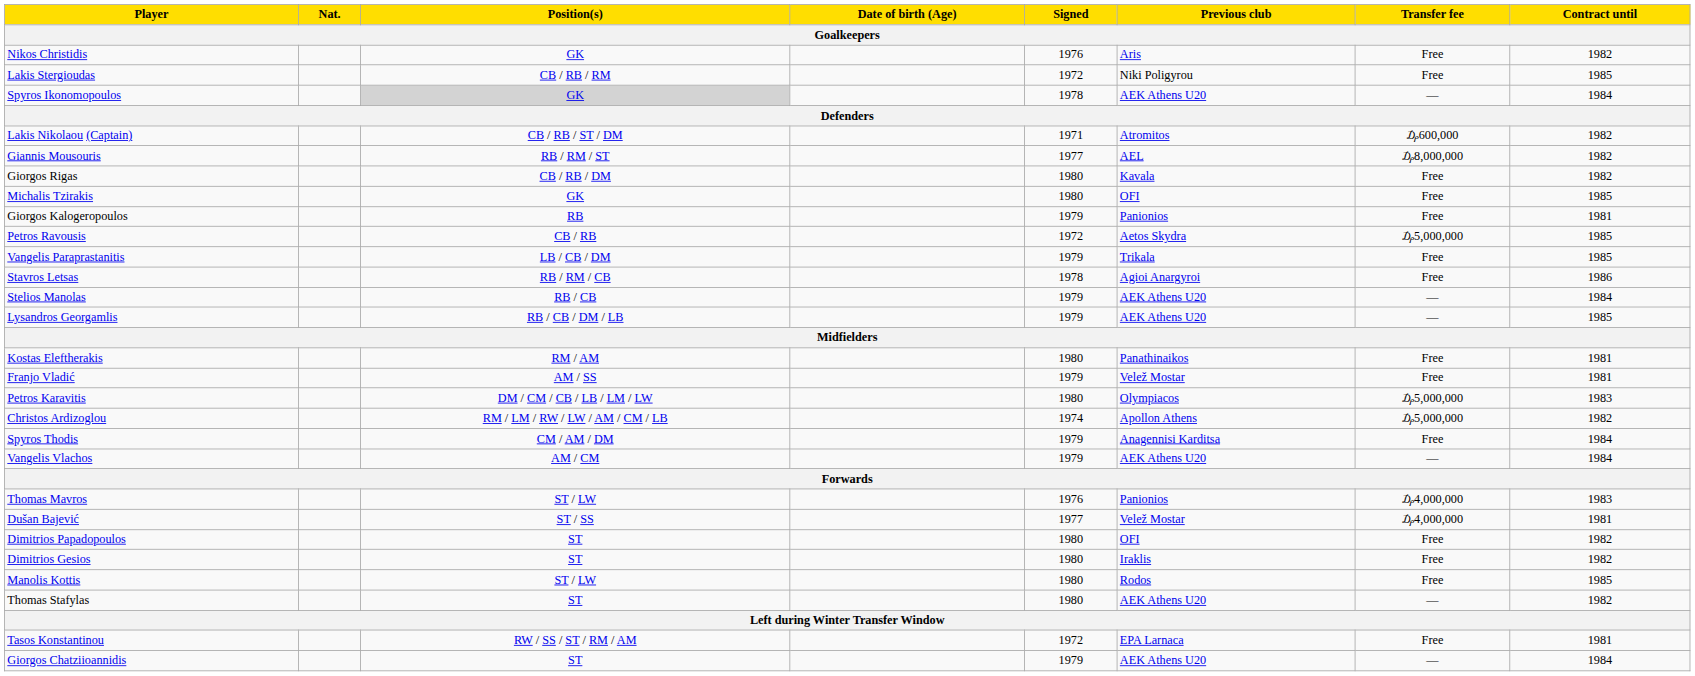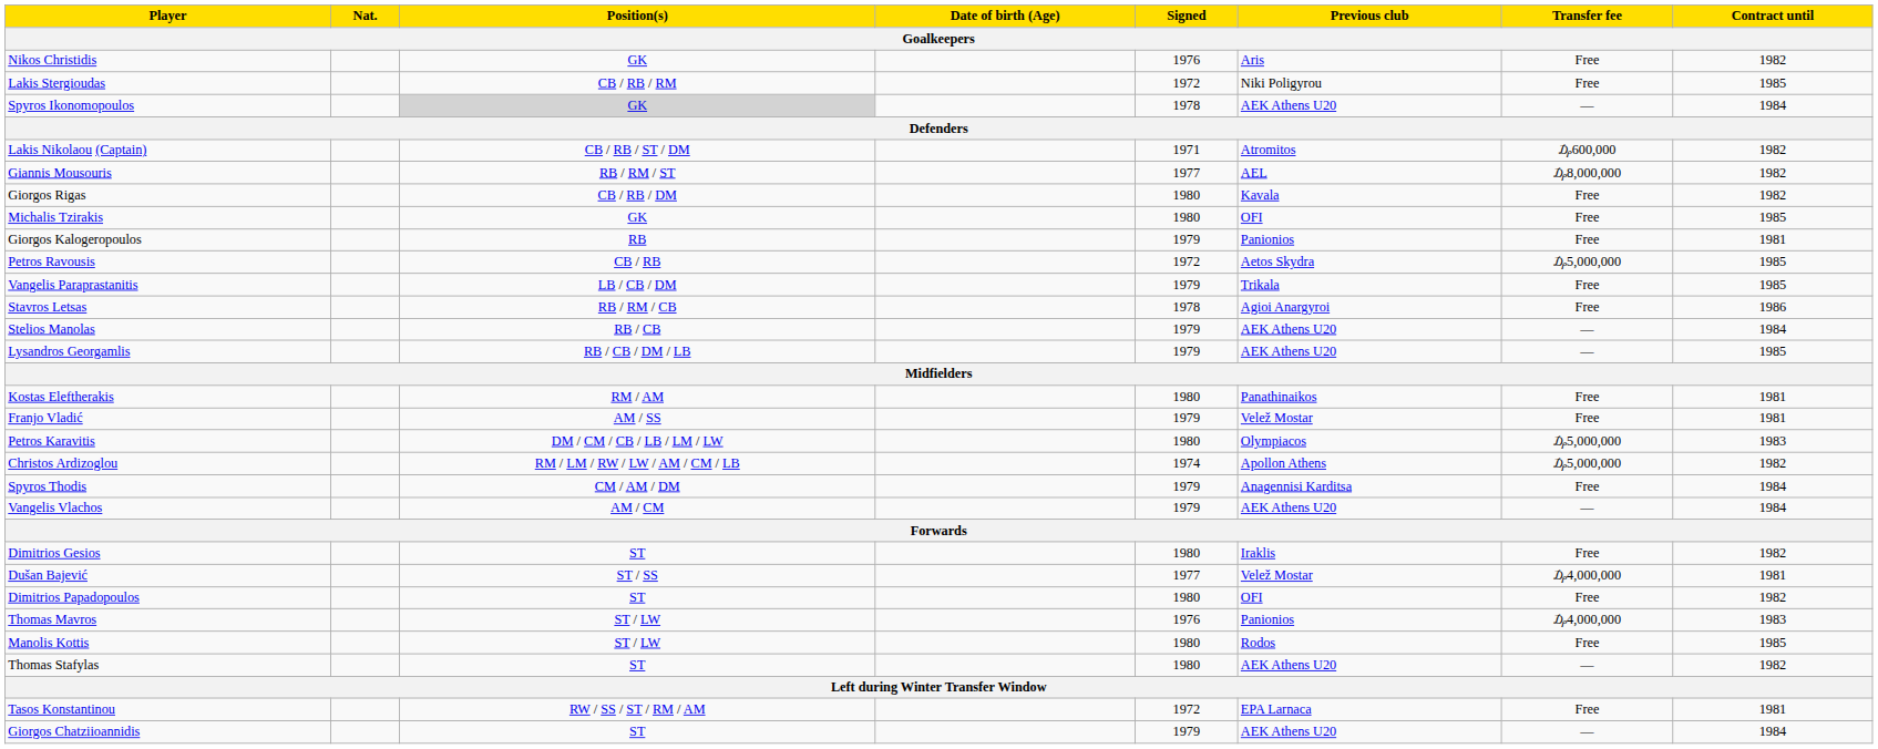 <table class="wikitable" style="text-align:center; font-size:90%;width:100%;">
 <tr>
 <th style="background:#FFDE00">Player</th>
 <th style="background:#FFDE00">Nat.</th>
 <th style="background:#FFDE00">Position(s)</th>
 <th style="background:#FFDE00">Date of birth (Age)</th>
 <th style="background:#FFDE00">Signed</th>
 <th style="background:#FFDE00">Previous club</th>
 <th style="background:#FFDE00">Transfer fee</th>
 <th style="background:#FFDE00">Contract until</th>
 </tr>
 <tr>
 <th colspan="8">Goalkeepers</th>
 </tr>
 <tr>
 <td align=left><a href='#'>Nikos Christidis</a></td>
 <td></td>
 <td><a href='#'>GK</a></td>
 <td></td>
 <td>1976</td>
 <td align=left> <a href='#'>Aris</a></td>
 <td>Free</td>
 <td>1982</td>
 </tr>
 <tr>
 <td align=left><a href='#'>Lakis Stergioudas</a></td>
 <td></td>
 <td><a href='#'>CB</a> / <a href='#'>RB</a> / <a href='#'>RM</a></td>
 <td></td>
 <td>1972</td>
 <td align=left> Niki Poligyrou</td>
 <td>Free</td>
 <td>1985</td>
 </tr>
 <tr>
 <td align=left><a href='#'>Spyros Ikonomopoulos</a></td>
 <td></td>
 <td style="background: lightgrey;"><a href='#'>GK</a></td>
 <td></td>
 <td>1978</td>
 <td align=left> <a href='#'>AEK Athens U20</a></td>
 <td>—</td>
 <td>1984</td>
 </tr>
 <tr>
 <th colspan="8">Defenders</th>
 </tr>
 <tr>
 <td align=left><a href='#'>Lakis Nikolaou</a> <a href='#'>(Captain)</a></td>
 <td></td>
 <td><a href='#'>CB</a> / <a href='#'>RB</a> / <a href='#'>ST</a> / <a href='#'>DM</a></td>
 <td></td>
 <td>1971</td>
 <td align=left> <a href='#'>Atromitos</a></td>
 <td>₯600,000</td>
 <td>1982</td>
 </tr>
 <tr>
 <td align=left><a href='#'>Giannis Mousouris</a></td>
 <td></td>
 <td><a href='#'>RB</a> / <a href='#'>RM</a> / <a href='#'>ST</a></td>
 <td></td>
 <td>1977</td>
 <td align=left> <a href='#'>AEL</a></td>
 <td>₯8,000,000</td>
 <td>1982</td>
 </tr>
 <tr>
 <td align=left>Giorgos Rigas</td>
 <td></td>
 <td><a href='#'>CB</a> / <a href='#'>RB</a> / <a href='#'>DM</a></td>
 <td></td>
 <td>1980</td>
 <td align=left> <a href='#'>Kavala</a></td>
 <td>Free</td>
 <td>1982</td>
 </tr>
 <tr>
 <td align=left><a href='#'>Michalis Tzirakis</a></td>
 <td></td>
 <td><a href='#'>GK</a></td>
 <td></td>
 <td>1980</td>
 <td align=left> <a href='#'>OFI</a></td>
 <td>Free</td>
 <td>1985</td>
 </tr>
 <tr>
 <td align=left>Giorgos Kalogeropoulos</td>
 <td></td>
 <td><a href='#'>RB</a></td>
 <td></td>
 <td>1979</td>
 <td align=left> <a href='#'>Panionios</a></td>
 <td>Free</td>
 <td>1981</td>
 </tr>
 <tr>
 <td align=left><a href='#'>Petros Ravousis</a></td>
 <td></td>
 <td><a href='#'>CB</a> / <a href='#'>RB</a></td>
 <td></td>
 <td>1972</td>
 <td align=left> <a href='#'>Aetos Skydra</a></td>
 <td>₯5,000,000</td>
 <td>1985</td>
 </tr>
 <tr>
 <td align=left><a href='#'>Vangelis Paraprastanitis</a></td>
 <td></td>
 <td><a href='#'>LB</a> / <a href='#'>CB</a> / <a href='#'>DM</a></td>
 <td></td>
 <td>1979</td>
 <td align=left> <a href='#'>Trikala</a></td>
 <td>Free</td>
 <td>1985</td>
 </tr>
 <tr>
 <td align=left><a href='#'>Stavros Letsas</a></td>
 <td></td>
 <td><a href='#'>RB</a> / <a href='#'>RM</a> / <a href='#'>CB</a></td>
 <td></td>
 <td>1978</td>
 <td align=left> <a href='#'>Agioi Anargyroi</a></td>
 <td>Free</td>
 <td>1986</td>
 </tr>
 <tr>
 <td align=left><a href='#'>Stelios Manolas</a></td>
 <td></td>
 <td><a href='#'>RB</a> / <a href='#'>CB</a></td>
 <td></td>
 <td>1979</td>
 <td align=left> <a href='#'>AEK Athens U20</a></td>
 <td>—</td>
 <td>1984</td>
 </tr>
 <tr>
 <td align=left><a href='#'>Lysandros Georgamlis</a></td>
 <td></td>
 <td><a href='#'>RB</a> / <a href='#'>CB</a> / <a href='#'>DM</a> / <a href='#'>LB</a></td>
 <td></td>
 <td>1979</td>
 <td align=left> <a href='#'>AEK Athens U20</a></td>
 <td>—</td>
 <td>1985</td>
 </tr>
 <tr>
 <th colspan="8">Midfielders</th>
 </tr>
 <tr>
 <td align=left><a href='#'>Kostas Eleftherakis</a></td>
 <td></td>
 <td><a href='#'>RM</a> / <a href='#'>AM</a></td>
 <td></td>
 <td>1980</td>
 <td align=left> <a href='#'>Panathinaikos</a></td>
 <td>Free</td>
 <td>1981</td>
 </tr>
 <tr>
 <td align=left><a href='#'>Franjo Vladić</a></td>
 <td></td>
 <td><a href='#'>AM</a> / <a href='#'>SS</a></td>
 <td></td>
 <td>1979</td>
 <td align=left> <a href='#'>Velež Mostar</a></td>
 <td>Free</td>
 <td>1981</td>
 </tr>
 <tr>
 <td align=left><a href='#'>Petros Karavitis</a></td>
 <td></td>
 <td><a href='#'>DM</a> / <a href='#'>CM</a> / <a href='#'>CB</a> / <a href='#'>LB</a> / <a href='#'>LM</a> / <a href='#'>LW</a></td>
 <td></td>
 <td>1980</td>
 <td align=left> <a href='#'>Olympiacos</a></td>
 <td>₯5,000,000</td>
 <td>1983</td>
 </tr>
 <tr>
 <td align=left><a href='#'>Christos Ardizoglou</a></td>
 <td></td>
 <td><a href='#'>RM</a> / <a href='#'>LM</a> / <a href='#'>RW</a> / <a href='#'>LW</a>  / <a href='#'>AM</a> / <a href='#'>CM</a> / <a href='#'>LB</a></td>
 <td></td>
 <td>1974</td>
 <td align=left> <a href='#'>Apollon Athens</a></td>
 <td>₯5,000,000</td>
 <td>1982</td>
 </tr>
 <tr>
 <td align=left><a href='#'>Spyros Thodis</a></td>
 <td></td>
 <td><a href='#'>CM</a> / <a href='#'>AM</a> / <a href='#'>DM</a></td>
 <td></td>
 <td>1979</td>
 <td align=left> <a href='#'>Anagennisi Karditsa</a></td>
 <td>Free</td>
 <td>1984</td>
 </tr>
 <tr>
 <td align=left><a href='#'>Vangelis Vlachos</a></td>
 <td></td>
 <td><a href='#'>AM</a> / <a href='#'>CM</a></td>
 <td></td>
 <td>1979</td>
 <td align=left> <a href='#'>AEK Athens U20</a></td>
 <td>—</td>
 <td>1984</td>
 </tr>
 <tr>
 <th colspan="8">Forwards</th>
 </tr>
 <tr>
-<td align=left><a href='#'>Thomas Mavros</a></td>
+<td align=left><a href='#'>Dimitrios Gesios</a></td>
 <td></td>
-<td><a href='#'>ST</a> / <a href='#'>LW</a></td>
+<td><a href='#'>ST</a></td>
 <td></td>
-<td>1976</td>
-<td align=left> <a href='#'>Panionios</a></td>
-<td>₯4,000,000</td>
-<td>1983</td>
+<td>1980</td>
+<td align=left> <a href='#'>Iraklis</a></td>
+<td>Free</td>
+<td>1982</td>
 </tr>
 <tr>
 <td align=left><a href='#'>Dušan Bajević</a></td>
 <td></td>
 <td><a href='#'>ST</a> / <a href='#'>SS</a></td>
 <td></td>
 <td>1977</td>
 <td align=left> <a href='#'>Velež Mostar</a></td>
 <td>₯4,000,000</td>
 <td>1981</td>
 </tr>
 <tr>
 <td align=left><a href='#'>Dimitrios Papadopoulos</a></td>
 <td></td>
 <td><a href='#'>ST</a></td>
 <td></td>
 <td>1980</td>
 <td align=left> <a href='#'>OFI</a></td>
 <td>Free</td>
 <td>1982</td>
 </tr>
 <tr>
-<td align=left><a href='#'>Dimitrios Gesios</a></td>
+<td align=left><a href='#'>Thomas Mavros</a></td>
 <td></td>
-<td><a href='#'>ST</a></td>
+<td><a href='#'>ST</a> / <a href='#'>LW</a></td>
 <td></td>
-<td>1980</td>
-<td align=left> <a href='#'>Iraklis</a></td>
-<td>Free</td>
-<td>1982</td>
+<td>1976</td>
+<td align=left> <a href='#'>Panionios</a></td>
+<td>₯4,000,000</td>
+<td>1983</td>
 </tr>
 <tr>
 <td align=left><a href='#'>Manolis Kottis</a></td>
 <td></td>
 <td><a href='#'>ST</a> / <a href='#'>LW</a></td>
 <td></td>
 <td>1980</td>
 <td align=left> <a href='#'>Rodos</a></td>
 <td>Free</td>
 <td>1985</td>
 </tr>
 <tr>
 <td align=left>Thomas Stafylas</td>
 <td></td>
 <td><a href='#'>ST</a></td>
 <td></td>
 <td>1980</td>
 <td align=left> <a href='#'>AEK Athens U20</a></td>
 <td>—</td>
 <td>1982</td>
 </tr>
 <tr>
 <th colspan="8">Left during Winter Transfer Window</th>
 </tr>
 <tr>
 <td align=left><a href='#'>Tasos Konstantinou</a></td>
 <td></td>
 <td><a href='#'>RW</a> / <a href='#'>SS</a> / <a href='#'>ST</a> / <a href='#'>RM</a> / <a href='#'>AM</a></td>
 <td></td>
 <td>1972</td>
 <td align=left> <a href='#'>EPA Larnaca</a></td>
 <td>Free</td>
 <td>1981</td>
 </tr>
 <tr>
 <td align=left><a href='#'>Giorgos Chatziioannidis</a></td>
 <td></td>
 <td><a href='#'>ST</a></td>
 <td></td>
 <td>1979</td>
 <td align=left> <a href='#'>AEK Athens U20</a></td>
 <td>—</td>
 <td>1984</td>
 </tr>
 </table>
